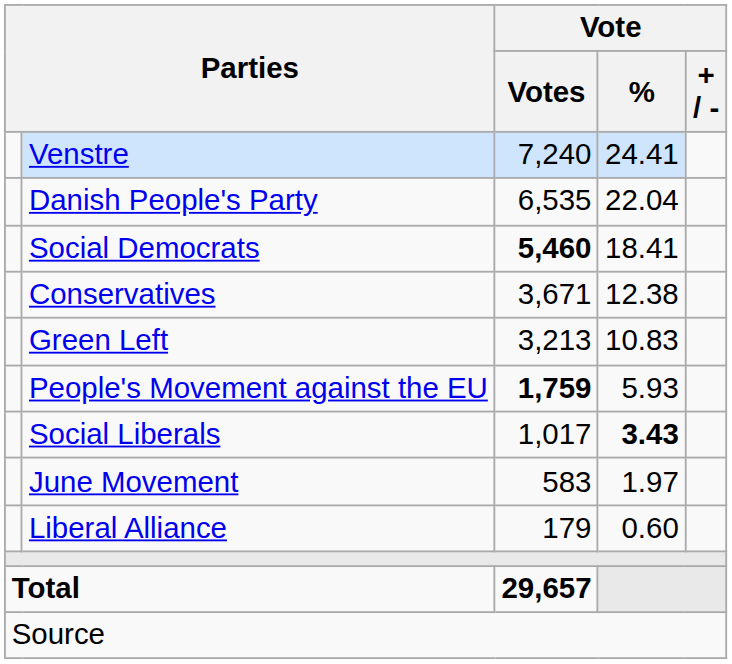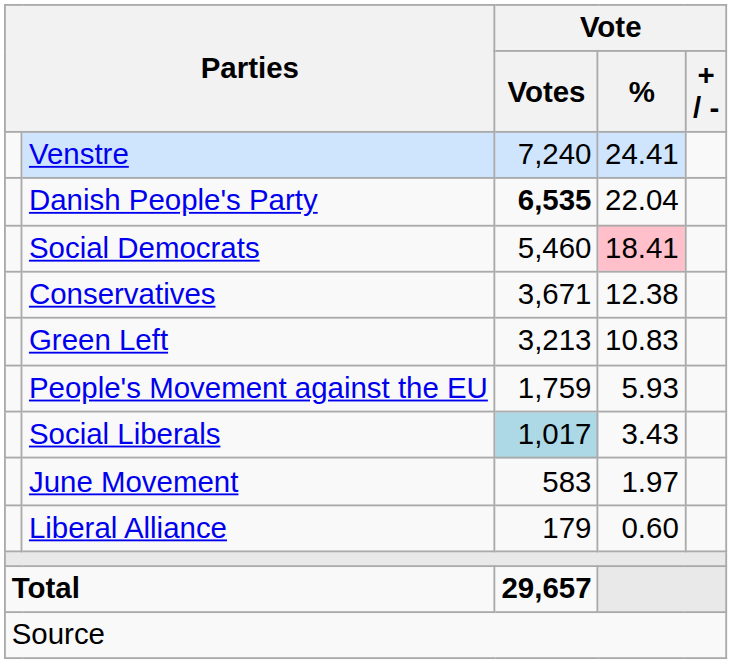 <table class="wikitable" style="text-align:right;">
 <tr>
 <th style="text-align:centre;" rowspan="2" colspan="2" width="225">Parties</th>
 <th colspan="3">Vote</th>
 </tr>
 <tr>
 <th width="15">Votes</th>
 <th width="15">%</th>
 <th width="15">+ / -</th>
 </tr>
 <tr>
 <td width="2" style="color:inherit;background:"></td>
 <td bgcolor=#cfe5fe   align="left"><a href='#'>Venstre</a></td>
 <td bgcolor=#cfe5fe>7,240</td>
 <td bgcolor=#cfe5fe>24.41</td>
 <td></td>
 </tr>
 <tr>
 <td width="2" style="color:inherit;background:"></td>
 <td align="left"><a href='#'>Danish People's Party</a></td>
-<td>6,535</td>
+<td><strong>6,535</strong></td>
 <td>22.04</td>
 <td></td>
 </tr>
 <tr>
 <td width="2" style="color:inherit;background:"></td>
 <td align="left"><a href='#'>Social Democrats</a></td>
-<td><strong>5,460</strong></td>
-<td>18.41</td>
+<td>5,460</td>
+<td style="background: pink;">18.41</td>
 <td></td>
 </tr>
 <tr>
 <td width="2" style="color:inherit;background:"></td>
 <td align="left"><a href='#'>Conservatives</a></td>
 <td>3,671</td>
 <td>12.38</td>
 <td></td>
 </tr>
 <tr>
 <td width="2" style="color:inherit;background:"></td>
 <td align="left"><a href='#'>Green Left</a></td>
 <td>3,213</td>
 <td>10.83</td>
 <td></td>
 </tr>
 <tr>
 <td width="2" style="color:inherit;background:"></td>
 <td align="left"><a href='#'>People's Movement against the EU</a></td>
-<td><strong>1,759</strong></td>
+<td>1,759</td>
 <td>5.93</td>
 <td></td>
 </tr>
 <tr>
 <td width="2" style="color:inherit;background:"></td>
 <td align="left"><a href='#'>Social Liberals</a></td>
-<td>1,017</td>
-<td><strong>3.43</strong></td>
+<td style="background: lightblue;">1,017</td>
+<td>3.43</td>
 <td></td>
 </tr>
 <tr>
 <td width="2" style="color:inherit;background:"></td>
 <td align="left"><a href='#'>June Movement</a></td>
 <td>583</td>
 <td>1.97</td>
 <td></td>
 </tr>
 <tr>
 <td width="2" style="color:inherit;background:"></td>
 <td align="left"><a href='#'>Liberal Alliance</a></td>
 <td>179</td>
 <td>0.60</td>
 <td></td>
 </tr>
 <tr>
 <td colspan="7" bgcolor="#E9E9E9"></td>
 </tr>
 <tr>
 <td align="left" colspan="2"><strong>Total</strong></td>
 <td><strong>29,657</strong></td>
 <td bgcolor="#E9E9E9" colspan="2"></td>
 </tr>
 <tr>
 <td align="left" colspan="6">Source</td>
 </tr>
 </table>
